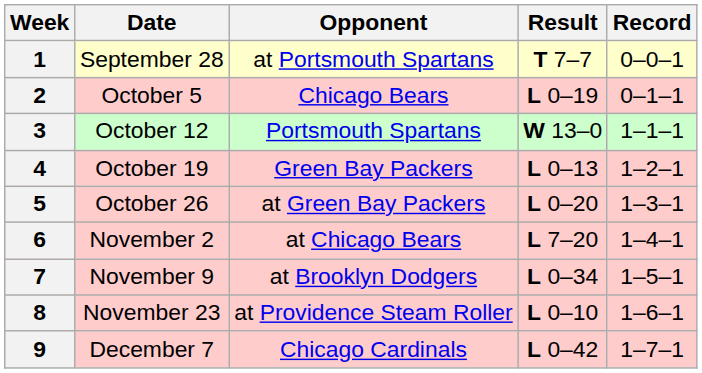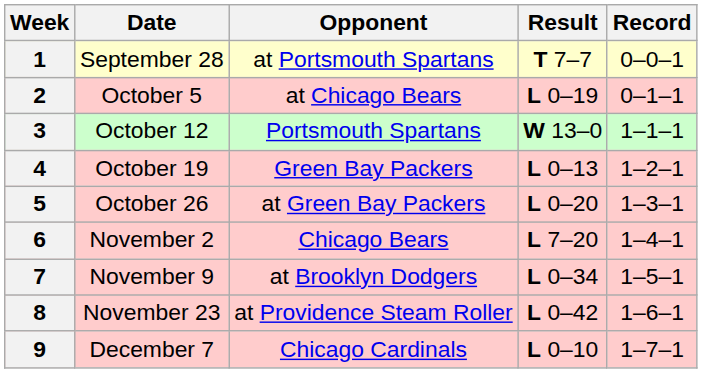 <table class="wikitable" style="text-align:center">
 <tr>
 <th>Week</th>
 <th>Date</th>
 <th>Opponent</th>
 <th>Result</th>
 <th>Record</th>
 </tr>
 <tr style="background:#ffc">
 <th>1</th>
 <td>September 28</td>
 <td>at <a href='#'>Portsmouth Spartans</a></td>
 <td><strong>T</strong> 7–7</td>
 <td>0–0–1</td>
 </tr>
 <tr style="background:#fcc">
 <th>2</th>
 <td>October 5</td>
-<td><a href='#'>Chicago Bears</a></td>
+<td>at <a href='#'>Chicago Bears</a></td>
 <td><strong>L</strong> 0–19</td>
 <td>0–1–1</td>
 </tr>
 <tr style="background:#cfc">
 <th>3</th>
 <td>October 12</td>
 <td><a href='#'>Portsmouth Spartans</a></td>
 <td><strong>W</strong> 13–0</td>
 <td>1–1–1</td>
 </tr>
 <tr style="background:#fcc">
 <th>4</th>
 <td>October 19</td>
 <td><a href='#'>Green Bay Packers</a></td>
 <td><strong>L</strong> 0–13</td>
 <td>1–2–1</td>
 </tr>
 <tr style="background:#fcc">
 <th>5</th>
 <td>October 26</td>
 <td>at <a href='#'>Green Bay Packers</a></td>
 <td><strong>L</strong> 0–20</td>
 <td>1–3–1</td>
 </tr>
 <tr style="background:#fcc">
 <th>6</th>
 <td>November 2</td>
-<td>at <a href='#'>Chicago Bears</a></td>
+<td><a href='#'>Chicago Bears</a></td>
 <td><strong>L</strong> 7–20</td>
 <td>1–4–1</td>
 </tr>
 <tr style="background:#fcc">
 <th>7</th>
 <td>November 9</td>
 <td>at <a href='#'>Brooklyn Dodgers</a></td>
 <td><strong>L</strong> 0–34</td>
 <td>1–5–1</td>
 </tr>
 <tr style="background:#fcc">
 <th>8</th>
 <td>November 23</td>
 <td>at <a href='#'>Providence Steam Roller</a></td>
-<td><strong>L</strong> 0–10</td>
+<td><strong>L</strong> 0–42</td>
 <td>1–6–1</td>
 </tr>
 <tr style="background:#fcc">
 <th>9</th>
 <td>December 7</td>
 <td><a href='#'>Chicago Cardinals</a></td>
-<td><strong>L</strong> 0–42</td>
+<td><strong>L</strong> 0–10</td>
 <td>1–7–1</td>
 </tr>
 </table>
